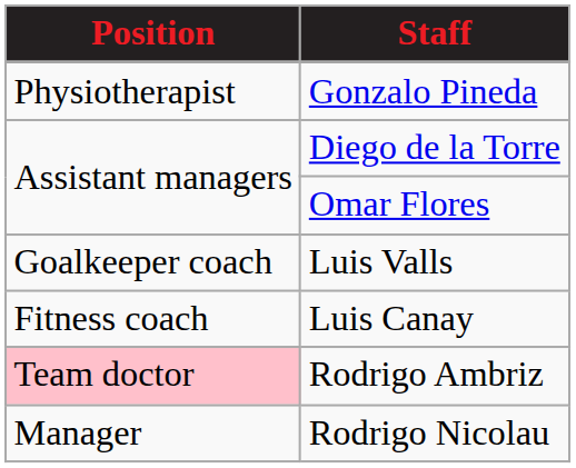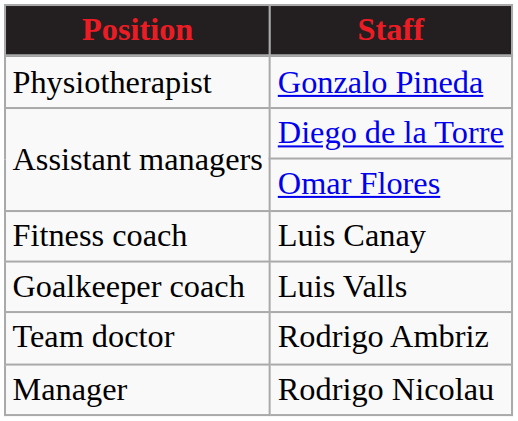 <table class="wikitable">
 <tr>
 <th style=background-color:#231F20;color:#EC1C24>Position</th>
 <th style=background-color:#231F20;color:#EC1C24>Staff</th>
 </tr>
 <tr>
 </tr>
 <tr>
 <td>Physiotherapist</td>
 <td> <a href='#'>Gonzalo Pineda</a></td>
 </tr>
 <tr>
 <td rowspan="2">Assistant managers</td>
 <td> <a href='#'>Diego de la Torre</a></td>
 </tr>
 <tr>
 <td> <a href='#'>Omar Flores</a></td>
 </tr>
 <tr>
+<td>Fitness coach</td>
+<td> Luis Canay</td>
+</tr>
+<tr>
 <td>Goalkeeper coach</td>
 <td> Luis Valls</td>
 </tr>
 <tr>
-<td>Fitness coach</td>
-<td> Luis Canay</td>
-</tr>
-<tr>
-<td style="background: pink;">Team doctor</td>
+<td>Team doctor</td>
 <td> Rodrigo Ambriz</td>
 </tr>
 <tr>
 <td>Manager</td>
 <td> Rodrigo Nicolau</td>
 </tr>
 </table>
